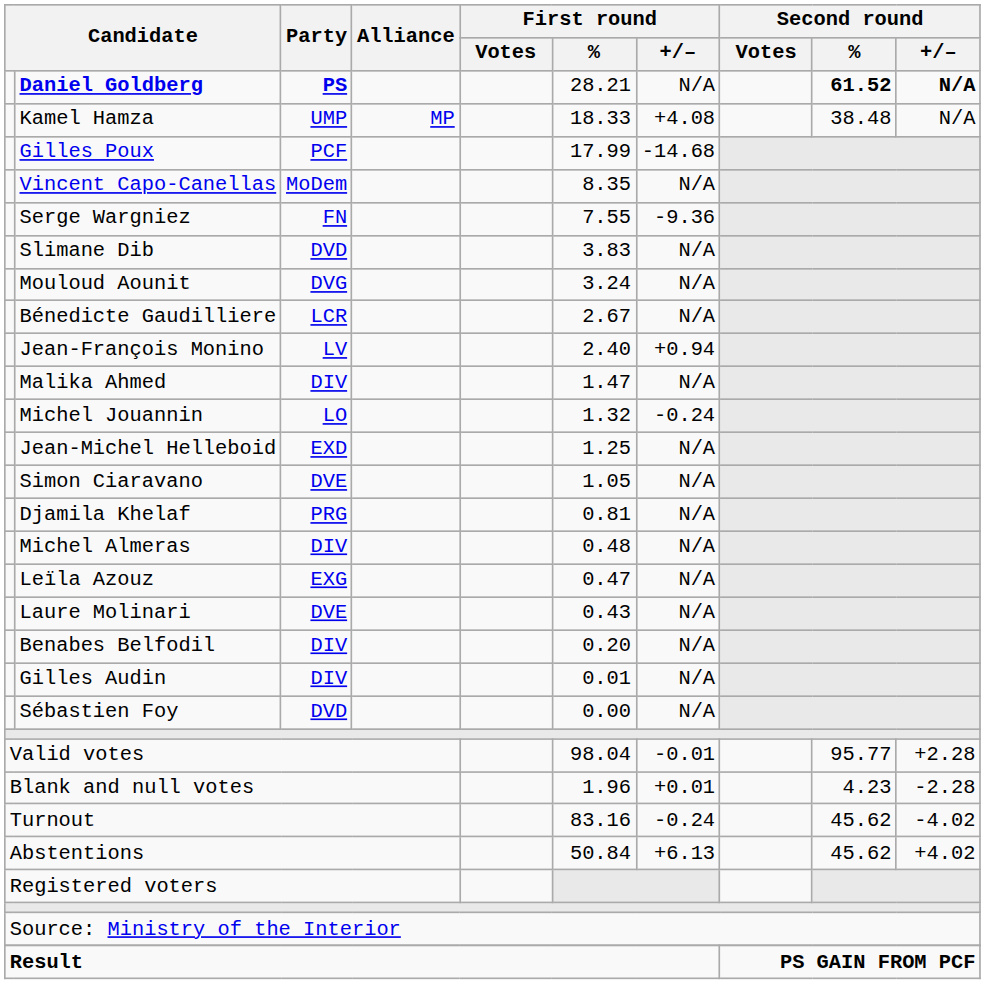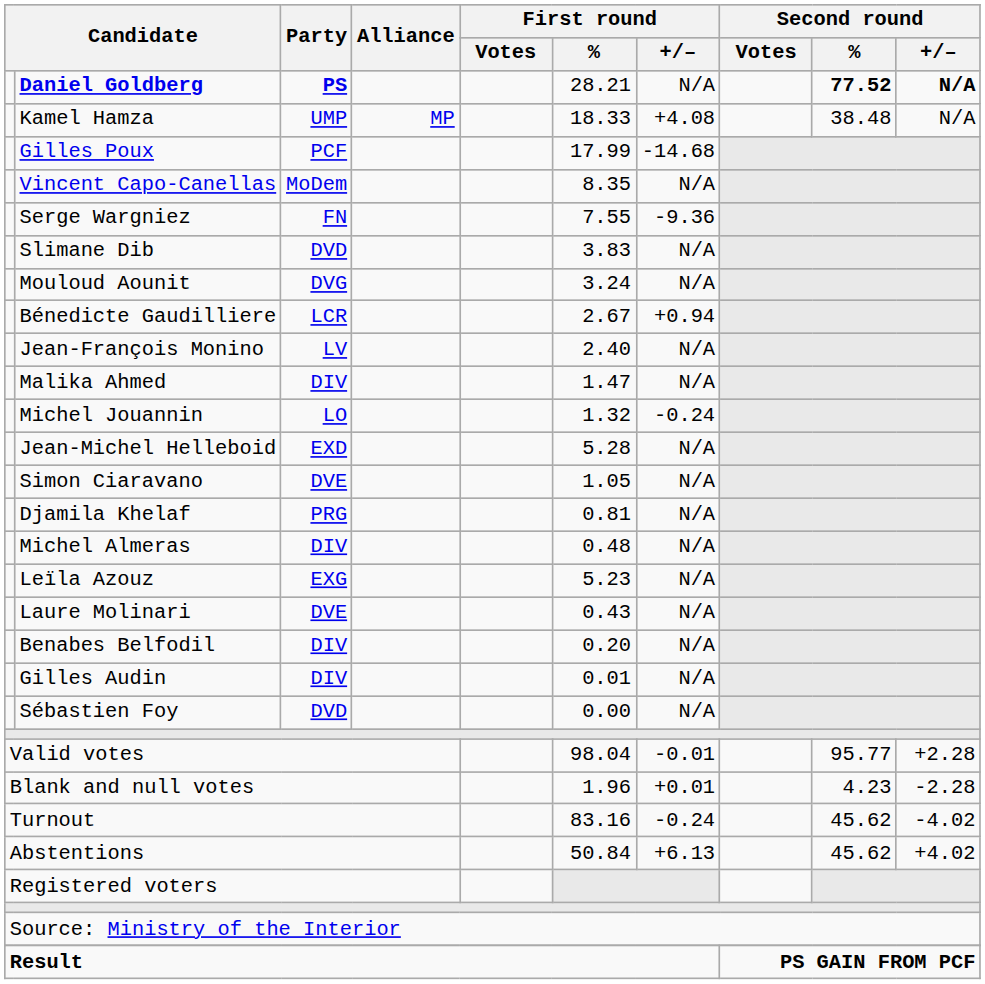 <table class="wikitable" style="text-align:right;font-size:95%;">
 <tr>
 <th rowspan="2" colspan="2">Candidate</th>
 <th rowspan="2">Party</th>
 <th rowspan="2">Alliance</th>
 <th colspan="3">First round</th>
 <th colspan="3">Second round</th>
 </tr>
 <tr>
 <th style="width:50px;">Votes</th>
 <th style="width:45px;">%</th>
 <th style="width:45px;">+/–</th>
 <th style="width:50px;">Votes</th>
 <th style="width:45px;">%</th>
 <th style="width:45px;">+/–</th>
 </tr>
 <tr>
 <td style="color:inherit;background:"></td>
 <td style="text-align:left;"><strong><a href='#'>Daniel Goldberg</a></strong></td>
 <td><a href='#'><strong>PS</strong></a> </td>
 <td></td>
 <td></td>
 <td>28.21</td>
 <td>N/A</td>
 <td><strong></strong></td>
-<td><strong>61.52</strong></td>
+<td><strong>77.52</strong></td>
 <td><strong>N/A</strong></td>
 </tr>
 <tr>
 <td style="color:inherit;background:"></td>
 <td style="text-align:left;">Kamel Hamza</td>
 <td><a href='#'>UMP</a> </td>
 <td><a href='#'>MP</a> </td>
 <td></td>
 <td>18.33</td>
 <td>+4.08</td>
 <td></td>
 <td>38.48</td>
 <td>N/A</td>
 </tr>
 <tr>
 <td style="color:inherit;background:"></td>
 <td style="text-align:left;"><a href='#'>Gilles Poux</a></td>
 <td><a href='#'>PCF</a></td>
 <td></td>
 <td></td>
 <td>17.99</td>
 <td>-14.68</td>
 <td colspan="3" style="background:#E9E9E9;"></td>
 </tr>
 <tr>
 <td style="color:inherit;background:"></td>
 <td style="text-align:left;"><a href='#'>Vincent Capo-Canellas</a></td>
 <td><a href='#'>MoDem</a></td>
 <td></td>
 <td></td>
 <td>8.35</td>
 <td>N/A</td>
 <td colspan="3" style="background:#E9E9E9;"></td>
 </tr>
 <tr>
 <td style="color:inherit;background:"></td>
 <td style="text-align:left;">Serge Wargniez</td>
 <td><a href='#'>FN</a></td>
 <td></td>
 <td></td>
 <td>7.55</td>
 <td>-9.36</td>
 <td colspan="3" style="background:#E9E9E9;"></td>
 </tr>
 <tr>
 <td style="color:inherit;background:"></td>
 <td style="text-align:left;">Slimane Dib</td>
 <td><a href='#'>DVD</a></td>
 <td></td>
 <td></td>
 <td>3.83</td>
 <td>N/A</td>
 <td colspan="3" style="background:#E9E9E9;"></td>
 </tr>
 <tr>
 <td style="color:inherit;background:"></td>
 <td style="text-align:left;">Mouloud Aounit</td>
 <td><a href='#'>DVG</a></td>
 <td></td>
 <td></td>
 <td>3.24</td>
 <td>N/A</td>
 <td colspan="3" style="background:#E9E9E9;"></td>
 </tr>
 <tr>
 <td style="color:inherit;background:"></td>
 <td style="text-align:left;">Bénedicte Gaudilliere</td>
 <td><a href='#'>LCR</a></td>
 <td></td>
 <td></td>
 <td>2.67</td>
-<td>N/A</td>
+<td>+0.94</td>
 <td colspan="3" style="background:#E9E9E9;"></td>
 </tr>
 <tr>
 <td style="color:inherit;background:"></td>
 <td style="text-align:left;">Jean-François Monino</td>
 <td><a href='#'>LV</a></td>
 <td></td>
 <td></td>
 <td>2.40</td>
-<td>+0.94</td>
+<td>N/A</td>
 <td colspan="3" style="background:#E9E9E9;"></td>
 </tr>
 <tr>
 <td style="color:inherit;background:"></td>
 <td style="text-align:left;">Malika Ahmed</td>
 <td><a href='#'>DIV</a></td>
 <td></td>
 <td></td>
 <td>1.47</td>
 <td>N/A</td>
 <td colspan="3" style="background:#E9E9E9;"></td>
 </tr>
 <tr>
 <td style="color:inherit;background:"></td>
 <td style="text-align:left;">Michel Jouannin</td>
 <td><a href='#'>LO</a></td>
 <td></td>
 <td></td>
 <td>1.32</td>
 <td>-0.24</td>
 <td colspan="3" style="background:#E9E9E9;"></td>
 </tr>
 <tr>
 <td style="color:inherit;background:"></td>
 <td style="text-align:left;">Jean-Michel Helleboid</td>
 <td><a href='#'>EXD</a></td>
 <td></td>
 <td></td>
-<td>1.25</td>
+<td>5.28</td>
 <td>N/A</td>
 <td colspan="3" style="background:#E9E9E9;"></td>
 </tr>
 <tr>
 <td style="color:inherit;background:"></td>
 <td style="text-align:left;">Simon Ciaravano</td>
 <td><a href='#'>DVE</a></td>
 <td></td>
 <td></td>
 <td>1.05</td>
 <td>N/A</td>
 <td colspan="3" style="background:#E9E9E9;"></td>
 </tr>
 <tr>
 <td style="color:inherit;background:"></td>
 <td style="text-align:left;">Djamila Khelaf</td>
 <td><a href='#'>PRG</a></td>
 <td></td>
 <td></td>
 <td>0.81</td>
 <td>N/A</td>
 <td colspan="3" style="background:#E9E9E9;"></td>
 </tr>
 <tr>
 <td style="color:inherit;background:"></td>
 <td style="text-align:left;">Michel Almeras</td>
 <td><a href='#'>DIV</a></td>
 <td></td>
 <td></td>
 <td>0.48</td>
 <td>N/A</td>
 <td colspan="3" style="background:#E9E9E9;"></td>
 </tr>
 <tr>
 <td style="color:inherit;background:"></td>
 <td style="text-align:left;">Leïla Azouz</td>
 <td><a href='#'>EXG</a></td>
 <td></td>
 <td></td>
-<td>0.47</td>
+<td>5.23</td>
 <td>N/A</td>
 <td colspan="3" style="background:#E9E9E9;"></td>
 </tr>
 <tr>
 <td style="color:inherit;background:"></td>
 <td style="text-align:left;">Laure Molinari</td>
 <td><a href='#'>DVE</a></td>
 <td></td>
 <td></td>
 <td>0.43</td>
 <td>N/A</td>
 <td colspan="3" style="background:#E9E9E9;"></td>
 </tr>
 <tr>
 <td style="color:inherit;background:"></td>
 <td style="text-align:left;">Benabes Belfodil</td>
 <td><a href='#'>DIV</a></td>
 <td></td>
 <td></td>
 <td>0.20</td>
 <td>N/A</td>
 <td colspan="3" style="background:#E9E9E9;"></td>
 </tr>
 <tr>
 <td style="color:inherit;background:"></td>
 <td style="text-align:left;">Gilles Audin</td>
 <td><a href='#'>DIV</a></td>
 <td></td>
 <td></td>
 <td>0.01</td>
 <td>N/A</td>
 <td colspan="3" style="background:#E9E9E9;"></td>
 </tr>
 <tr>
 <td style="color:inherit;background:"></td>
 <td style="text-align:left;">Sébastien Foy</td>
 <td><a href='#'>DVD</a></td>
 <td></td>
 <td></td>
 <td>0.00</td>
 <td>N/A</td>
 <td colspan="3" style="background:#E9E9E9;"></td>
 </tr>
 <tr>
 <td colspan="10" style="background:#E9E9E9;"></td>
 </tr>
 <tr>
 <td colspan="4" style="text-align:left;">Valid votes</td>
 <td></td>
 <td>98.04</td>
 <td>-0.01</td>
 <td></td>
 <td>95.77</td>
 <td>+2.28</td>
 </tr>
 <tr>
 <td colspan="4" style="text-align:left;">Blank and null votes</td>
 <td></td>
 <td>1.96</td>
 <td>+0.01</td>
 <td></td>
 <td>4.23</td>
 <td>-2.28</td>
 </tr>
 <tr>
 <td colspan="4" style="text-align:left;">Turnout</td>
 <td></td>
 <td>83.16</td>
 <td>-0.24</td>
 <td></td>
 <td>45.62</td>
 <td>-4.02</td>
 </tr>
 <tr>
 <td colspan="4" style="text-align:left;">Abstentions</td>
 <td></td>
 <td>50.84</td>
 <td>+6.13</td>
 <td></td>
 <td>45.62</td>
 <td>+4.02</td>
 </tr>
 <tr>
 <td colspan="4" style="text-align:left;">Registered voters</td>
 <td></td>
 <td colspan="2" style="background:#E9E9E9;"></td>
 <td></td>
 <td colspan="2" style="background:#E9E9E9;"></td>
 </tr>
 <tr>
 <td colspan="10" style="background:#E9E9E9;"></td>
 </tr>
 <tr>
 <td colspan="10" style="text-align:left;">Source: <a href='#'>Ministry of the Interior</a></td>
 </tr>
 <tr>
 </tr>
 <tr style="font-weight:bold">
 <td colspan="7" style="text-align:left;">Result</td>
 <td colspan="7" style="background-color:">PS GAIN FROM PCF</td>
 </tr>
 </table>
